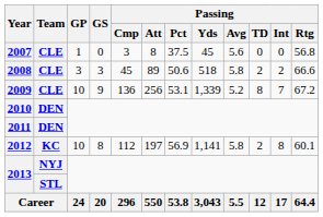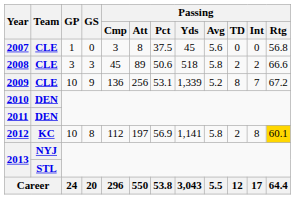 <table class="wikitable" style="text-align: center;">
 <tr>
 <th rowspan="2">Year</th>
 <th rowspan="2">Team</th>
 <th rowspan="2">GP</th>
 <th rowspan="2">GS</th>
 <th colspan="8">Passing</th>
 </tr>
 <tr>
 <th>Cmp</th>
 <th>Att</th>
 <th>Pct</th>
 <th>Yds</th>
 <th>Avg</th>
 <th>TD</th>
 <th>Int</th>
 <th>Rtg</th>
 </tr>
 <tr>
 <th><a href='#'>2007</a></th>
 <th><a href='#'>CLE</a></th>
 <td>1</td>
 <td>0</td>
 <td>3</td>
 <td>8</td>
 <td>37.5</td>
 <td>45</td>
 <td>5.6</td>
 <td>0</td>
 <td>0</td>
 <td>56.8</td>
 </tr>
 <tr>
 <th><a href='#'>2008</a></th>
 <th><a href='#'>CLE</a></th>
 <td>3</td>
 <td>3</td>
 <td>45</td>
 <td>89</td>
 <td>50.6</td>
 <td>518</td>
 <td>5.8</td>
 <td>2</td>
 <td>2</td>
 <td>66.6</td>
 </tr>
 <tr>
 <th><a href='#'>2009</a></th>
 <th><a href='#'>CLE</a></th>
 <td>10</td>
 <td>9</td>
 <td>136</td>
 <td>256</td>
 <td>53.1</td>
 <td>1,339</td>
 <td>5.2</td>
 <td>8</td>
 <td>7</td>
 <td>67.2</td>
 </tr>
 <tr>
 <th><a href='#'>2010</a></th>
 <th><a href='#'>DEN</a></th>
 <td rowspan="2" colspan="10"></td>
 </tr>
 <tr>
 <th><a href='#'>2011</a></th>
 <th><a href='#'>DEN</a></th>
 </tr>
 <tr>
 <th><a href='#'>2012</a></th>
 <th><a href='#'>KC</a></th>
 <td>10</td>
 <td>8</td>
 <td>112</td>
 <td>197</td>
 <td>56.9</td>
 <td>1,141</td>
 <td>5.8</td>
 <td>2</td>
 <td>8</td>
-<td>60.1</td>
+<td style="background: gold;">60.1</td>
 </tr>
 <tr>
 <th rowspan="2"><a href='#'>2013</a></th>
 <th><a href='#'>NYJ</a></th>
 <td rowspan="2" colspan="10"></td>
 </tr>
 <tr>
 <th><a href='#'>STL</a></th>
 </tr>
 <tr>
 <th colspan="2">Career</th>
 <th>24</th>
 <th>20</th>
 <th>296</th>
 <th>550</th>
 <th>53.8</th>
 <th>3,043</th>
 <th>5.5</th>
 <th>12</th>
 <th>17</th>
 <th>64.4</th>
 </tr>
 </table>
